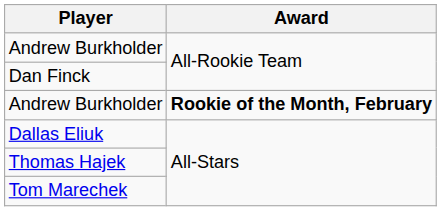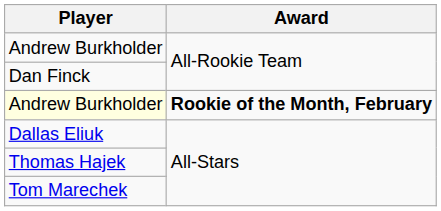 <table class="wikitable">
 <tr>
 <th>Player</th>
 <th>Award</th>
 </tr>
 <tr>
 <td>Andrew Burkholder</td>
 <td rowspan=2>All-Rookie Team</td>
 </tr>
 <tr>
 <td>Dan Finck</td>
 </tr>
 <tr>
-<td>Andrew Burkholder</td>
+<td style="background: lightyellow;">Andrew Burkholder</td>
 <td><strong>Rookie of the Month, February</strong></td>
 </tr>
 <tr>
 <td><a href='#'>Dallas Eliuk</a></td>
 <td rowspan=3>All-Stars</td>
 </tr>
 <tr>
 <td><a href='#'>Thomas Hajek</a></td>
 </tr>
 <tr>
 <td><a href='#'>Tom Marechek</a></td>
 </tr>
 </table>
